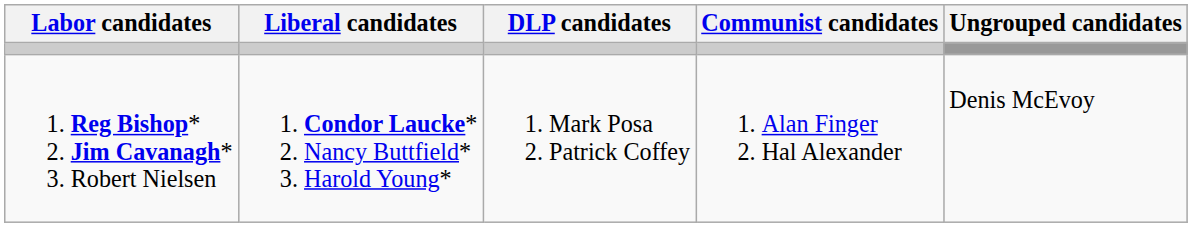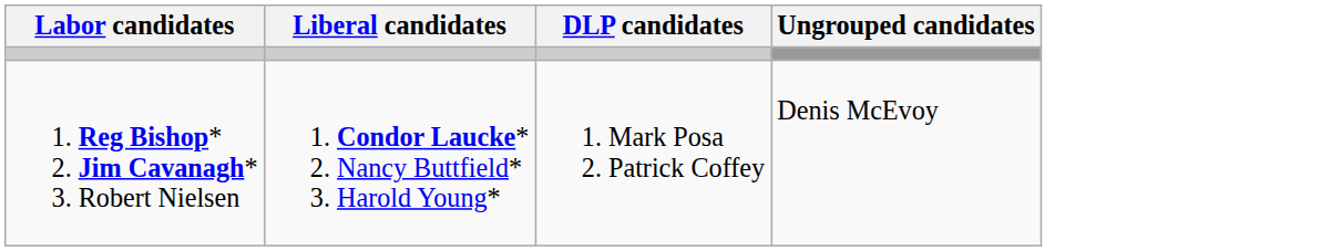 <table class="wikitable">
 <tr>
 <th><a href='#'>Labor</a> candidates</th>
 <th><a href='#'>Liberal</a> candidates</th>
 <th><a href='#'>DLP</a> candidates</th>
-<th><a href='#'>Communist</a> candidates</th>
 <th>Ungrouped candidates</th>
 </tr>
 <tr bgcolor="#cccccc">
-<td></td>
 <td></td>
 <td></td>
 <td></td>
 <td bgcolor="#999999"></td>
 </tr>
 <tr>
 <td><br><ol><li><strong><a href='#'>Reg Bishop</a></strong>*</li><li><strong><a href='#'>Jim Cavanagh</a></strong>*</li><li>Robert Nielsen</li></ol></td>
 <td><br><ol><li><strong><a href='#'>Condor Laucke</a></strong>*</li><li><a href='#'>Nancy Buttfield</a>*</li><li><a href='#'>Harold Young</a>*</li></ol></td>
 <td valign=top><br><ol><li>Mark Posa</li><li>Patrick Coffey</li></ol></td>
-<td valign=top><br><ol><li><a href='#'>Alan Finger</a></li><li>Hal Alexander</li></ol></td>
 <td valign=top><br>Denis McEvoy</td>
 </tr>
 </table>
